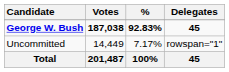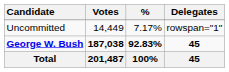 <table class="wikitable sortable plainrowheaders" style="text-align:right;">
 <tr>
 <th style="text-align:left;">Candidate</th>
 <th>Votes</th>
 <th>%</th>
 <th>Delegates</th>
 </tr>
 <tr>
 </tr>
 <tr>
+<td style="text-align:left;">Uncommitted</td>
+<td>14,449</td>
+<td>7.17%</td>
+<td>rowspan="1" </td>
+</tr>
+<tr>
 <td style="text-align:left;"><strong><a href='#'>George W. Bush</a></strong></td>
 <td><strong>187,038</strong></td>
 <td><strong>92.83%</strong></td>
 <td style="text-align:center;"><strong>45</strong></td>
-</tr>
-<tr>
-<td style="text-align:left;">Uncommitted</td>
-<td>14,449</td>
-<td>7.17%</td>
-<td>rowspan="1" </td>
 </tr>
 <tr class="sortbottom">
 <th>Total</th>
 <th><strong>201,487</strong></th>
 <th>100%</th>
 <th>45</th>
 </tr>
 </table>
